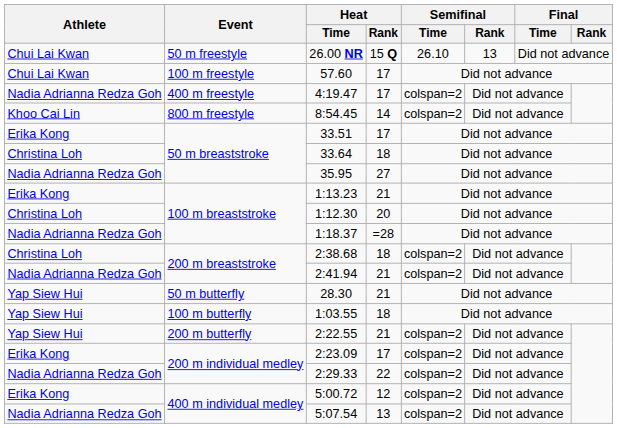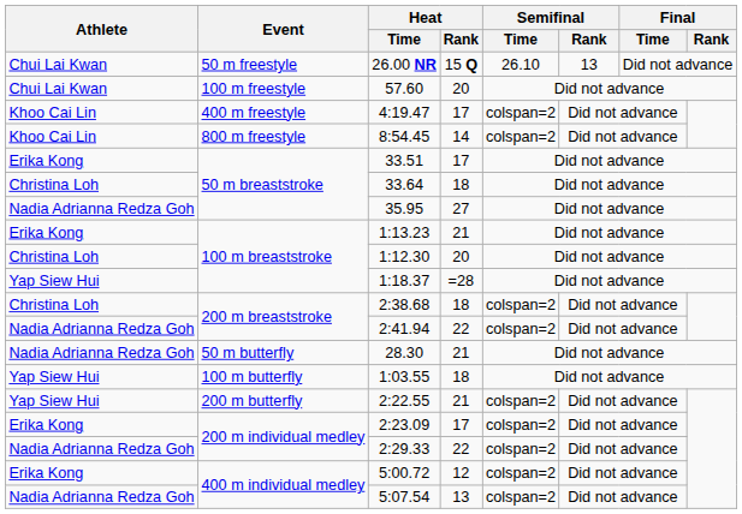 <table class=wikitable style=font-size:90%>
 <tr>
 <th rowspan=2>Athlete</th>
 <th rowspan=2>Event</th>
 <th colspan=2>Heat</th>
 <th colspan=2>Semifinal</th>
 <th colspan=2>Final</th>
 </tr>
 <tr style=font-size:95%>
 <th>Time</th>
 <th>Rank</th>
 <th>Time</th>
 <th>Rank</th>
 <th>Time</th>
 <th>Rank</th>
 </tr>
 <tr align=center>
 <td align=left><a href='#'>Chui Lai Kwan</a></td>
 <td align=left><a href='#'>50 m freestyle</a></td>
 <td>26.00 <strong><a href='#'>NR</a></strong></td>
 <td>15 <strong>Q</strong></td>
 <td>26.10</td>
 <td>13</td>
 <td colspan=2>Did not advance</td>
 </tr>
 <tr align=center>
 <td align=left><a href='#'>Chui Lai Kwan</a></td>
 <td align=left><a href='#'>100 m freestyle</a></td>
 <td>57.60</td>
-<td>17</td>
+<td>20</td>
 <td colspan=4>Did not advance</td>
 </tr>
 <tr align=center>
-<td align=left><a href='#'>Nadia Adrianna Redza Goh</a></td>
+<td align=left><a href='#'>Khoo Cai Lin</a></td>
 <td align=left><a href='#'>400 m freestyle</a></td>
 <td>4:19.47</td>
 <td>17</td>
 <td>colspan=2 </td>
 <td colspan=2>Did not advance</td>
 </tr>
 <tr align=center>
 <td align=left><a href='#'>Khoo Cai Lin</a></td>
 <td align=left><a href='#'>800 m freestyle</a></td>
 <td>8:54.45</td>
 <td>14</td>
 <td>colspan=2 </td>
 <td colspan=2>Did not advance</td>
 </tr>
 <tr align=center>
 <td align=left><a href='#'>Erika Kong</a></td>
 <td align=left rowspan=3><a href='#'>50 m breaststroke</a></td>
 <td>33.51</td>
 <td>17</td>
 <td colspan=4>Did not advance</td>
 </tr>
 <tr align=center>
 <td align=left><a href='#'>Christina Loh</a></td>
 <td>33.64</td>
 <td>18</td>
 <td colspan=4>Did not advance</td>
 </tr>
 <tr align=center>
 <td align=left><a href='#'>Nadia Adrianna Redza Goh</a></td>
 <td>35.95</td>
 <td>27</td>
 <td colspan=4>Did not advance</td>
 </tr>
 <tr align=center>
 <td align=left><a href='#'>Erika Kong</a></td>
 <td align=left rowspan=3><a href='#'>100 m breaststroke</a></td>
 <td>1:13.23</td>
 <td>21</td>
 <td colspan=4>Did not advance</td>
 </tr>
 <tr align=center>
 <td align=left><a href='#'>Christina Loh</a></td>
 <td>1:12.30</td>
 <td>20</td>
 <td colspan=4>Did not advance</td>
 </tr>
 <tr align=center>
-<td align=left><a href='#'>Nadia Adrianna Redza Goh</a></td>
+<td align=left><a href='#'>Yap Siew Hui</a></td>
 <td>1:18.37</td>
 <td>=28</td>
 <td colspan=4>Did not advance</td>
 </tr>
 <tr align=center>
 <td align=left><a href='#'>Christina Loh</a></td>
 <td align=left rowspan=2><a href='#'>200 m breaststroke</a></td>
 <td>2:38.68</td>
 <td>18</td>
 <td>colspan=2 </td>
 <td colspan=2>Did not advance</td>
 </tr>
 <tr align=center>
 <td align=left><a href='#'>Nadia Adrianna Redza Goh</a></td>
 <td>2:41.94</td>
-<td>21</td>
+<td>22</td>
 <td>colspan=2 </td>
 <td colspan=2>Did not advance</td>
 </tr>
 <tr align=center>
-<td align=left><a href='#'>Yap Siew Hui</a></td>
+<td align=left><a href='#'>Nadia Adrianna Redza Goh</a></td>
 <td align=left><a href='#'>50 m butterfly</a></td>
 <td>28.30</td>
 <td>21</td>
 <td colspan=4>Did not advance</td>
 </tr>
 <tr align=center>
 <td align=left><a href='#'>Yap Siew Hui</a></td>
 <td align=left><a href='#'>100 m butterfly</a></td>
 <td>1:03.55</td>
 <td>18</td>
 <td colspan=4>Did not advance</td>
 </tr>
 <tr align=center>
 <td align=left><a href='#'>Yap Siew Hui</a></td>
 <td align=left><a href='#'>200 m butterfly</a></td>
 <td>2:22.55</td>
 <td>21</td>
 <td>colspan=2 </td>
 <td colspan=2>Did not advance</td>
 </tr>
 <tr align=center>
 <td align=left><a href='#'>Erika Kong</a></td>
 <td align=left rowspan=2><a href='#'>200 m individual medley</a></td>
 <td>2:23.09</td>
 <td>17</td>
 <td>colspan=2 </td>
 <td colspan=2>Did not advance</td>
 </tr>
 <tr align=center>
 <td align=left><a href='#'>Nadia Adrianna Redza Goh</a></td>
 <td>2:29.33</td>
 <td>22</td>
 <td>colspan=2 </td>
 <td colspan=2>Did not advance</td>
 </tr>
 <tr align=center>
 <td align=left><a href='#'>Erika Kong</a></td>
 <td align=left rowspan=2><a href='#'>400 m individual medley</a></td>
 <td>5:00.72</td>
 <td>12</td>
 <td>colspan=2 </td>
 <td colspan=2>Did not advance</td>
 </tr>
 <tr align=center>
 <td align=left><a href='#'>Nadia Adrianna Redza Goh</a></td>
 <td>5:07.54</td>
 <td>13</td>
 <td>colspan=2 </td>
 <td colspan=2>Did not advance</td>
 </tr>
 </table>
